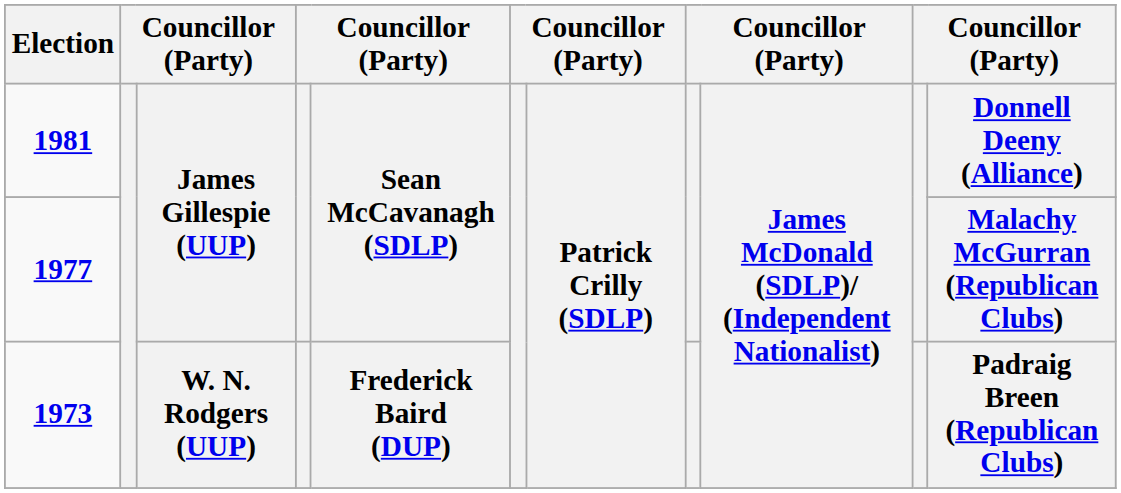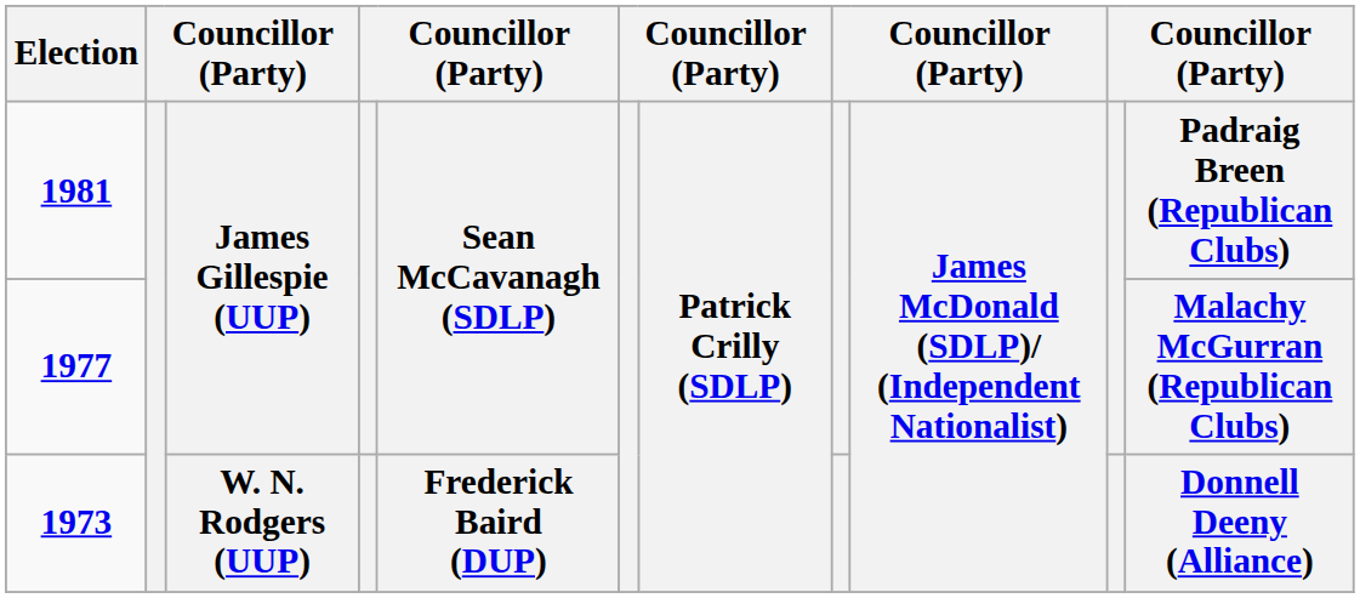 <table class="wikitable" style="text-align:center">
 <tr>
 <th scope="col" width="50">Election</th>
 <th scope="col" width="150" colspan = "2">Councillor<br> (Party)</th>
 <th scope="col" width="150" colspan = "2">Councillor<br> (Party)</th>
 <th scope="col" width="150" colspan = "2">Councillor<br> (Party)</th>
 <th scope="col" width="150" colspan = "2">Councillor<br> (Party)</th>
 <th scope="col" width="150" colspan = "2">Councillor<br> (Party)</th>
 </tr>
 <tr>
 <td><strong><a href='#'>1981</a></strong></td>
 <th rowspan="3" width="1" style="background-color: "></th>
 <th rowspan = "2">James Gillespie <br> (<a href='#'>UUP</a>)</th>
 <th rowspan="2" width="1" style="background-color: "></th>
 <th rowspan = "2">Sean McCavanagh <br> (<a href='#'>SDLP</a>)</th>
 <th rowspan="3" width="1" style="background-color: "></th>
 <th rowspan = "3">Patrick Crilly <br> (<a href='#'>SDLP</a>)</th>
 <th rowspan="2" width="1" style="background-color: "></th>
 <th rowspan = "3"><a href='#'>James McDonald</a> <br> (<a href='#'>SDLP</a>)/ <br> (<a href='#'>Independent Nationalist</a>)</th>
 <th rowspan="2" width="1" style="background-color: "></th>
-<th rowspan = "1"><a href='#'>Donnell Deeny</a> <br> (<a href='#'>Alliance</a>)</th>
+<th rowspan = "1">Padraig Breen <br> (<a href='#'>Republican Clubs</a>)</th>
 </tr>
 <tr>
 <td><strong><a href='#'>1977</a></strong></td>
 <th rowspan = "1"><a href='#'>Malachy McGurran</a> <br> (<a href='#'>Republican Clubs</a>)</th>
 </tr>
 <tr>
 <td><strong><a href='#'>1973</a></strong></td>
 <th rowspan = "1">W. N. Rodgers <br> (<a href='#'>UUP</a>)</th>
 <th rowspan="1" width="1" style="background-color: "></th>
 <th rowspan = "1">Frederick Baird <br> (<a href='#'>DUP</a>)</th>
 <th rowspan="1" width="1" style="background-color: "></th>
 <th rowspan="1" width="1" style="background-color: "></th>
-<th rowspan = "1">Padraig Breen <br> (<a href='#'>Republican Clubs</a>)</th>
+<th rowspan = "1"><a href='#'>Donnell Deeny</a> <br> (<a href='#'>Alliance</a>)</th>
 </tr>
 </table>
